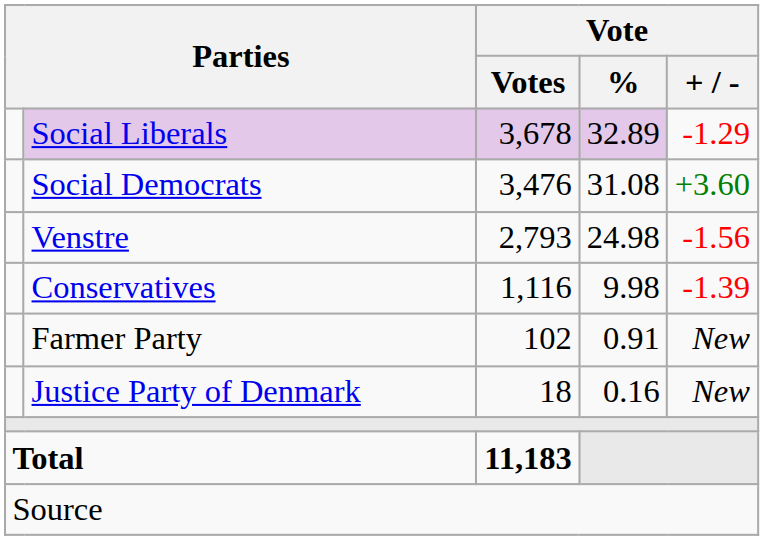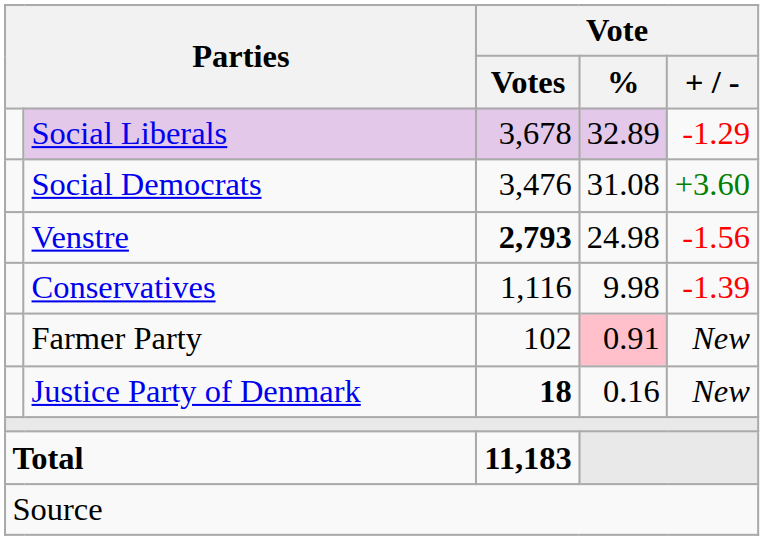 <table class="wikitable" style="text-align:right;">
 <tr>
 <th style="text-align:centre;" rowspan="2" colspan="2" width="225">Parties</th>
 <th colspan="3">Vote</th>
 </tr>
 <tr>
 <th width="15">Votes</th>
 <th width="15">%</th>
 <th width="15">+ / -</th>
 </tr>
 <tr>
 <td width="2" style="color:inherit;background:"></td>
 <td bgcolor=#e3c8e9  align="left"><a href='#'>Social Liberals</a></td>
 <td bgcolor=#e3c8e9>3,678</td>
 <td bgcolor=#e3c8e9>32.89</td>
 <td style=color:red;>-1.29</td>
 </tr>
 <tr>
 <td width="2" style="color:inherit;background:"></td>
 <td align="left"><a href='#'>Social Democrats</a></td>
 <td>3,476</td>
 <td>31.08</td>
 <td style=color:green;>+3.60</td>
 </tr>
 <tr>
 <td width="2" style="color:inherit;background:"></td>
 <td align="left"><a href='#'>Venstre</a></td>
-<td>2,793</td>
+<td><strong>2,793</strong></td>
 <td>24.98</td>
 <td style=color:red;>-1.56</td>
 </tr>
 <tr>
 <td width="2" style="color:inherit;background:"></td>
 <td align="left"><a href='#'>Conservatives</a></td>
 <td>1,116</td>
 <td>9.98</td>
 <td style=color:red;>-1.39</td>
 </tr>
 <tr>
 <td width="2" style="color:inherit;background:"></td>
 <td align="left">Farmer Party</td>
 <td>102</td>
-<td>0.91</td>
+<td style="background: pink;">0.91</td>
 <td><em>New</em></td>
 </tr>
 <tr>
 <td width="2" style="color:inherit;background:"></td>
 <td align="left"><a href='#'>Justice Party of Denmark</a></td>
-<td>18</td>
+<td><strong>18</strong></td>
 <td>0.16</td>
 <td><em>New</em></td>
 </tr>
 <tr>
 <td colspan="7" bgcolor="#E9E9E9"></td>
 </tr>
 <tr>
 <td align="left" colspan="2"><strong>Total</strong></td>
 <td><strong>11,183</strong></td>
 <td bgcolor="#E9E9E9" colspan="2"></td>
 </tr>
 <tr>
 <td align="left" colspan="6">Source</td>
 </tr>
 </table>
